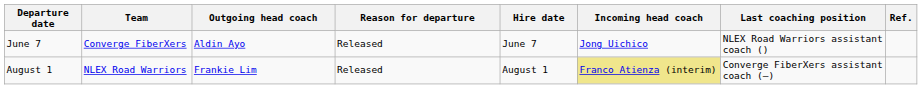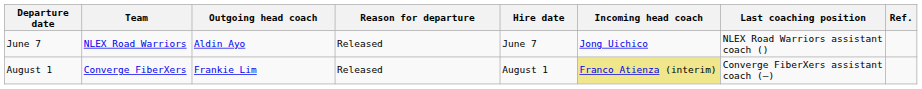 <table class="wikitable sortable">
 <tr>
 <th style="width:7%;">Departure date</th>
 <th style="width:10%;">Team</th>
 <th style="width:13%;">Outgoing head coach</th>
 <th style="width:15%;">Reason for departure</th>
 <th style="width:7%;">Hire date</th>
 <th style="width:13%;">Incoming head coach</th>
 <th class="unsortable" style="width:15%;">Last coaching position</th>
 <th class="unsortable" style="width:2%;">Ref.</th>
 </tr>
 <tr>
 <td>June 7</td>
-<td><a href='#'>Converge FiberXers</a></td>
+<td><a href='#'>NLEX Road Warriors</a></td>
 <td><a href='#'>Aldin Ayo</a></td>
 <td>Released</td>
 <td>June 7</td>
 <td><a href='#'>Jong Uichico</a></td>
 <td>NLEX Road Warriors assistant coach ()</td>
 <td></td>
 </tr>
 <tr>
 <td>August 1</td>
-<td><a href='#'>NLEX Road Warriors</a></td>
+<td><a href='#'>Converge FiberXers</a></td>
 <td><a href='#'>Frankie Lim</a></td>
 <td>Released</td>
 <td>August 1</td>
 <td style="background: khaki;"><a href='#'>Franco Atienza</a> (interim)</td>
 <td>Converge FiberXers assistant coach (–)</td>
 <td></td>
 </tr>
 </table>
